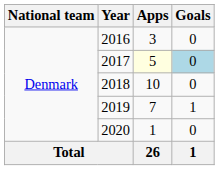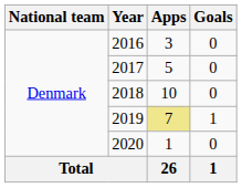 <table class="wikitable" style="text-align:center">
 <tr>
 <th>National team</th>
 <th>Year</th>
 <th>Apps</th>
 <th>Goals</th>
 </tr>
 <tr>
 <td rowspan="5"><a href='#'>Denmark</a></td>
 <td>2016</td>
 <td>3</td>
 <td>0</td>
 </tr>
 <tr>
 <td>2017</td>
-<td style="background: lightyellow;">5</td>
-<td style="background: lightblue;">0</td>
+<td>5</td>
+<td>0</td>
 </tr>
 <tr>
 <td>2018</td>
 <td>10</td>
 <td>0</td>
 </tr>
 <tr>
 <td>2019</td>
-<td>7</td>
+<td style="background: khaki;">7</td>
 <td>1</td>
 </tr>
 <tr>
 <td>2020</td>
 <td>1</td>
 <td>0</td>
 </tr>
 <tr>
 <th colspan="2">Total</th>
 <th>26</th>
 <th>1</th>
 </tr>
 </table>
